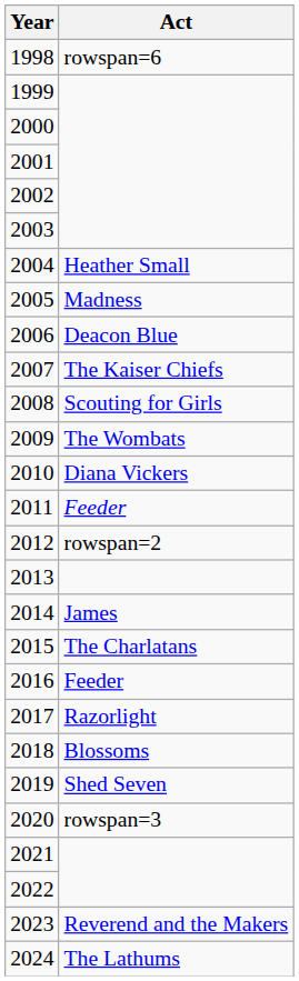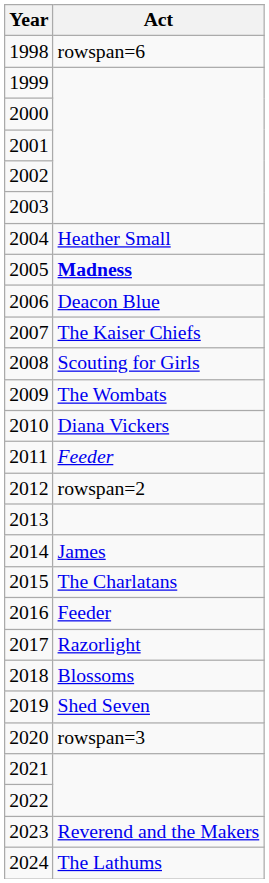 <table class="wikitable" style="text-align: left;">
 <tr>
 <th>Year</th>
 <th>Act</th>
 </tr>
 <tr>
 <td>1998</td>
 <td>rowspan=6</td>
 </tr>
 <tr>
 <td>1999</td>
 </tr>
 <tr>
 <td>2000</td>
 </tr>
 <tr>
 <td>2001</td>
 </tr>
 <tr>
 <td>2002</td>
 </tr>
 <tr>
 <td>2003</td>
 </tr>
 <tr>
 <td>2004</td>
 <td><a href='#'>Heather Small</a></td>
 </tr>
 <tr>
 <td>2005</td>
-<td><a href='#'>Madness</a></td>
+<td><strong><a href='#'>Madness</a></strong></td>
 </tr>
 <tr>
 <td>2006</td>
 <td><a href='#'>Deacon Blue</a></td>
 </tr>
 <tr>
 <td>2007</td>
 <td><a href='#'>The Kaiser Chiefs</a></td>
 </tr>
 <tr>
 <td>2008</td>
 <td><a href='#'>Scouting for Girls</a></td>
 </tr>
 <tr>
 <td>2009</td>
 <td><a href='#'>The Wombats</a></td>
 </tr>
 <tr>
 <td>2010</td>
 <td><a href='#'>Diana Vickers</a></td>
 </tr>
 <tr>
 <td>2011</td>
 <td><em><a href='#'>Feeder</a></em></td>
 </tr>
 <tr>
 <td>2012</td>
 <td>rowspan=2</td>
 </tr>
 <tr>
 <td>2013</td>
 </tr>
 <tr>
 <td>2014</td>
 <td><a href='#'>James</a></td>
 </tr>
 <tr>
 <td>2015</td>
 <td><a href='#'>The Charlatans</a></td>
 </tr>
 <tr>
 <td>2016</td>
 <td><a href='#'>Feeder</a></td>
 </tr>
 <tr>
 <td>2017</td>
 <td><a href='#'>Razorlight</a></td>
 </tr>
 <tr>
 <td>2018</td>
 <td><a href='#'>Blossoms</a></td>
 </tr>
 <tr>
 <td>2019</td>
 <td><a href='#'>Shed Seven</a></td>
 </tr>
 <tr>
 <td>2020</td>
 <td>rowspan=3</td>
 </tr>
 <tr>
 <td>2021</td>
 </tr>
 <tr>
 <td>2022</td>
 </tr>
 <tr>
 <td>2023</td>
 <td><a href='#'>Reverend and the Makers</a></td>
 </tr>
 <tr>
 <td>2024</td>
 <td><a href='#'>The Lathums</a></td>
 </tr>
 </table>
